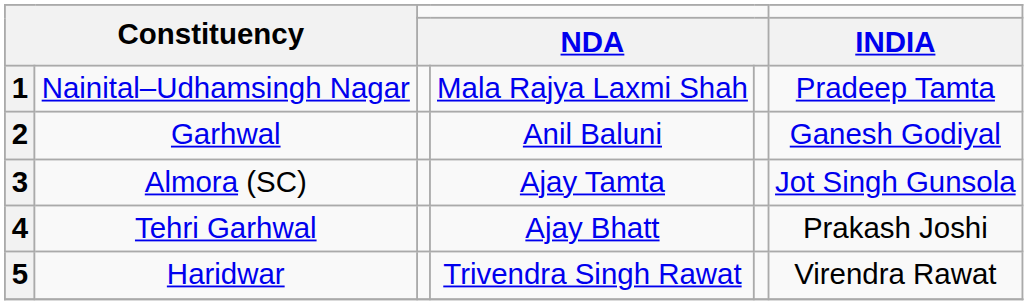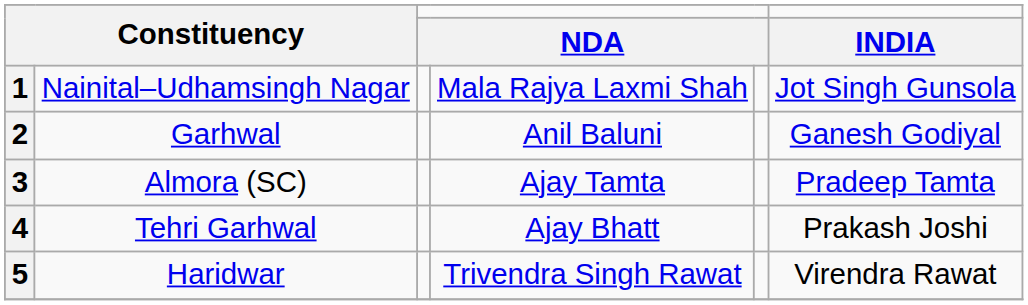 <table class="wikitable sortable" style="text-align:center;">
 <tr>
 <th colspan="2" rowspan="2">Constituency</th>
 <td colspan="3"></td>
 <td colspan="3"></td>
 </tr>
 <tr>
 <th colspan="3" class="wikitable"><a href='#'>NDA</a></th>
 <th colspan="3" class="wikitable"><a href='#'>INDIA</a></th>
 </tr>
 <tr>
 <th>1</th>
 <td><a href='#'>Nainital–Udhamsingh Nagar</a></td>
 <td></td>
 <td><a href='#'>Mala Rajya Laxmi Shah</a></td>
 <td></td>
-<td><a href='#'>Pradeep Tamta</a></td>
+<td><a href='#'>Jot Singh Gunsola</a></td>
 </tr>
 <tr>
 <th>2</th>
 <td><a href='#'>Garhwal</a></td>
 <td></td>
 <td><a href='#'>Anil Baluni</a></td>
 <td></td>
 <td><a href='#'>Ganesh Godiyal</a></td>
 </tr>
 <tr>
 <th>3</th>
 <td><a href='#'>Almora</a> (SC)</td>
 <td></td>
 <td><a href='#'>Ajay Tamta</a></td>
 <td></td>
-<td><a href='#'>Jot Singh Gunsola</a></td>
+<td><a href='#'>Pradeep Tamta</a></td>
 </tr>
 <tr>
 <th>4</th>
 <td><a href='#'>Tehri Garhwal</a></td>
 <td></td>
 <td><a href='#'>Ajay Bhatt</a></td>
 <td></td>
 <td>Prakash Joshi</td>
 </tr>
 <tr>
 <th>5</th>
 <td><a href='#'>Haridwar</a></td>
 <td></td>
 <td><a href='#'>Trivendra Singh Rawat</a></td>
 <td></td>
 <td>Virendra Rawat</td>
 </tr>
 <tr>
 </tr>
 </table>
